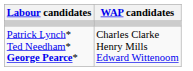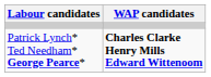 <table class="wikitable">
 <tr>
 <th><a href='#'>Labour</a> candidates</th>
 <th><a href='#'>WAP</a> candidates</th>
 </tr>
 <tr bgcolor="#cccccc">
 <td></td>
 <td></td>
 </tr>
 <tr>
 <td><a href='#'>Patrick Lynch</a>*<br><a href='#'>Ted Needham</a>*<br><strong><a href='#'>George Pearce</a></strong>*</td>
-<td>Charles Clarke<br>Henry Mills<br><a href='#'>Edward Wittenoom</a></td>
+<td><strong>Charles Clarke<br>Henry Mills<br><a href='#'>Edward Wittenoom</a></strong></td>
 </tr>
 </table>
